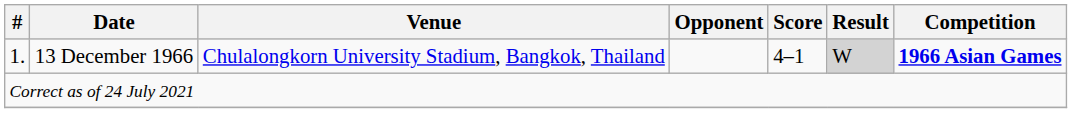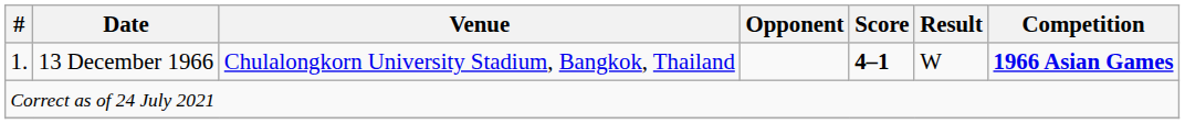 <table class="wikitable" style="font-size:95%;">
 <tr>
 <th>#</th>
 <th>Date</th>
 <th>Venue</th>
 <th>Opponent</th>
 <th>Score</th>
 <th>Result</th>
 <th>Competition</th>
 </tr>
 <tr>
 <td>1.</td>
 <td>13 December 1966</td>
 <td><a href='#'>Chulalongkorn University Stadium</a>, <a href='#'>Bangkok</a>, <a href='#'>Thailand</a></td>
 <td></td>
-<td>4–1</td>
-<td style="background: lightgrey;">W</td>
+<td><strong>4–1</strong></td>
+<td>W</td>
 <td><strong><a href='#'>1966 Asian Games</a></strong></td>
 </tr>
 <tr>
 <td colspan=18><small><em>Correct as of 24 July 2021</em></small></td>
 </tr>
 <tr>
 </tr>
 </table>
